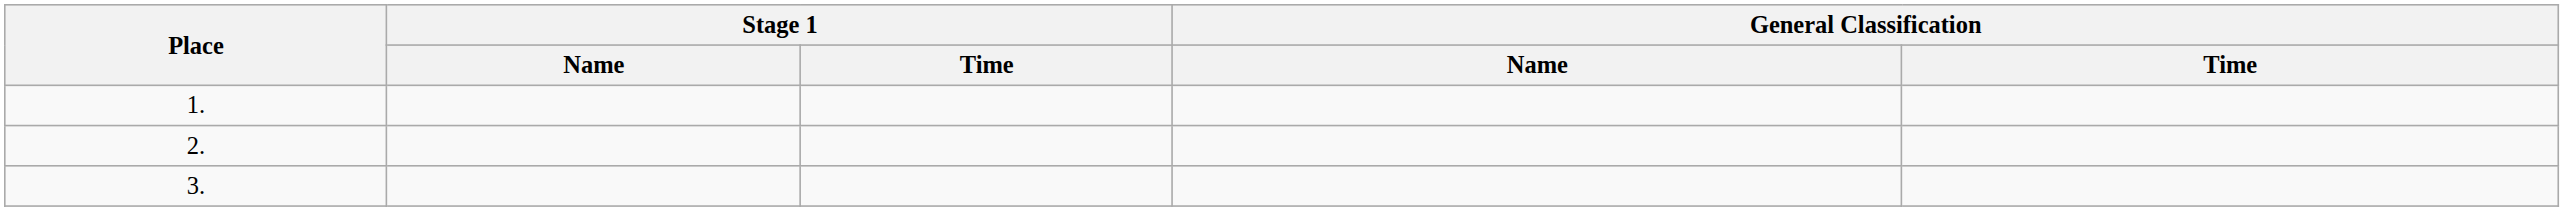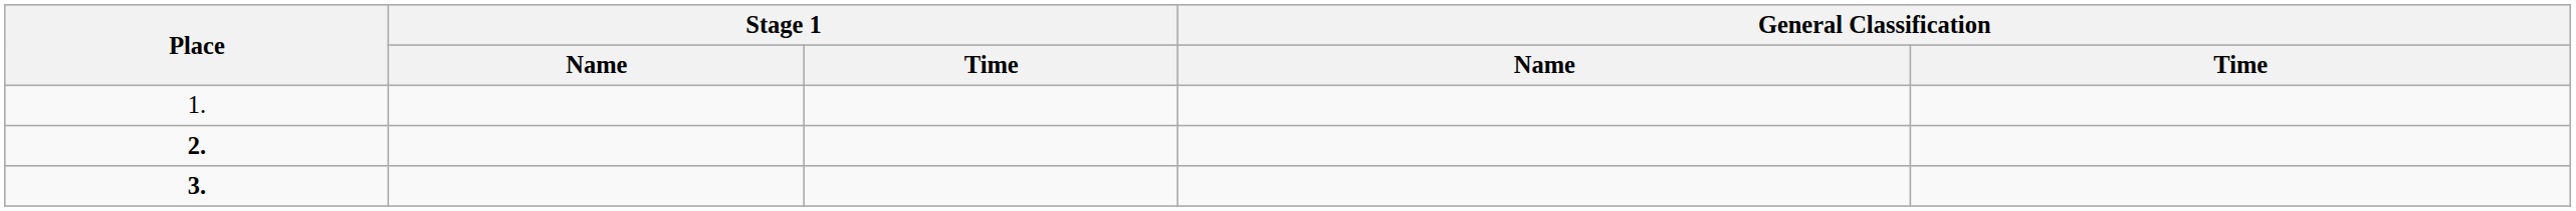 <table class=wikitable style="font-size:95%" width="80%">
 <tr>
 <th rowspan="2">Place</th>
 <th colspan="2">Stage 1</th>
 <th colspan="2">General Classification</th>
 </tr>
 <tr>
 <th>Name</th>
 <th>Time</th>
 <th>Name</th>
 <th>Time</th>
 </tr>
 <tr>
 <td align="center">1.</td>
 <td></td>
 <td></td>
 <td></td>
 <td></td>
 </tr>
 <tr>
-<td align="center">2.</td>
+<td align="center"><strong>2.</strong></td>
 <td></td>
 <td></td>
 <td></td>
 <td></td>
 </tr>
 <tr>
-<td align="center">3.</td>
+<td align="center"><strong>3.</strong></td>
 <td></td>
 <td></td>
 <td></td>
 <td></td>
 </tr>
 </table>
